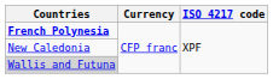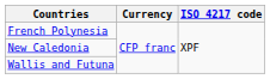 <table class="wikitable sortable">
 <tr>
 <th>Countries</th>
 <th>Currency</th>
 <th><a href='#'>ISO 4217</a> code</th>
 </tr>
 <tr>
-<td><strong> <a href='#'>French Polynesia</a></strong></td>
+<td> <a href='#'>French Polynesia</a></td>
 <td rowspan="3"><a href='#'>CFP franc</a></td>
 <td rowspan="3">XPF</td>
 </tr>
 <tr>
 <td> <a href='#'>New Caledonia</a></td>
 </tr>
 <tr>
-<td style="background: lightgrey;"> <a href='#'>Wallis and Futuna</a></td>
+<td> <a href='#'>Wallis and Futuna</a></td>
 </tr>
 </table>
